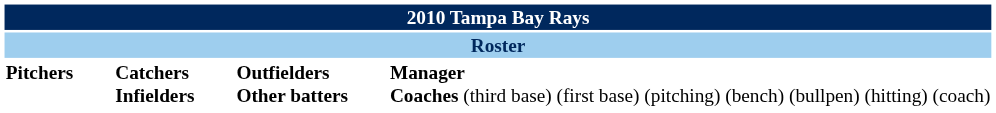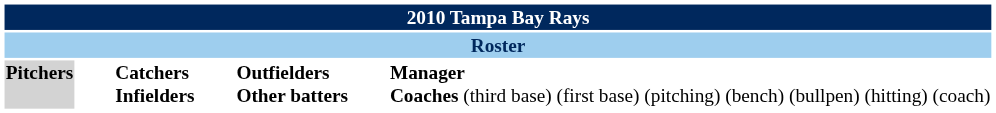 <table class="toccolours" style="font-size: 95%;">
 <tr>
 <th colspan="10" style="background:#00285d; color:#ffffff; text-align:center;">2010 Tampa Bay Rays</th>
 </tr>
 <tr>
 <td colspan="10" style="background:#9eceee; color:#00285d; text-align:center;"><strong>Roster</strong></td>
 </tr>
 <tr>
-<td valign="top"><strong>Pitchers</strong><br>                </td>
+<td valign="top" style="background: lightgrey;"><strong>Pitchers</strong><br>                </td>
 <td style="width:25px;"></td>
 <td valign="top"><strong>Catchers</strong><br>   <strong>Infielders</strong>        </td>
 <td style="width:25px;"></td>
 <td valign="top"><strong>Outfielders</strong><br>        <strong>Other batters</strong> </td>
 <td style="width:25px;"></td>
 <td valign="top"><strong>Manager</strong><br> <strong>Coaches</strong>   (third base)  (first base)  (pitching)  (bench)  (bullpen)  (hitting)  (coach)</td>
 </tr>
 </table>
